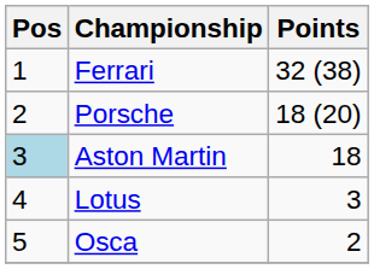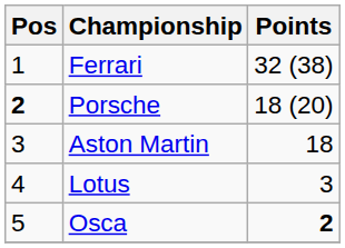 <table class="wikitable" style="font-size: 95%;">
 <tr>
 <th>Pos</th>
 <th>Championship</th>
 <th>Points</th>
 </tr>
 <tr>
 <td>1</td>
 <td> <a href='#'>Ferrari</a></td>
 <td align=right>32 (38)</td>
 </tr>
 <tr>
-<td>2</td>
+<td><strong>2</strong></td>
 <td> <a href='#'>Porsche</a></td>
 <td align=right>18 (20)</td>
 </tr>
 <tr>
-<td style="background: lightblue;">3</td>
+<td>3</td>
 <td> <a href='#'>Aston Martin</a></td>
 <td align=right>18</td>
 </tr>
 <tr>
 <td>4</td>
 <td> <a href='#'>Lotus</a></td>
 <td align=right>3</td>
 </tr>
 <tr>
 <td>5</td>
 <td> <a href='#'>Osca</a></td>
-<td align=right>2</td>
+<td align=right><strong>2</strong></td>
 </tr>
 <tr>
 </tr>
 </table>
